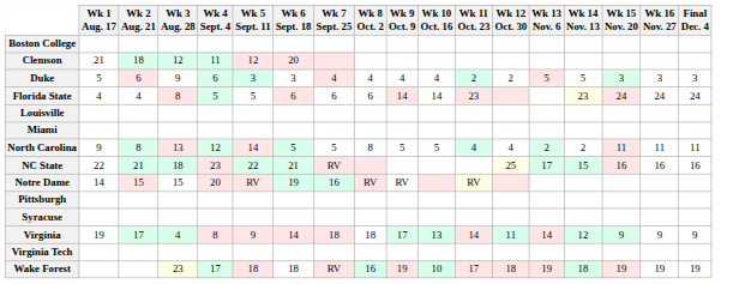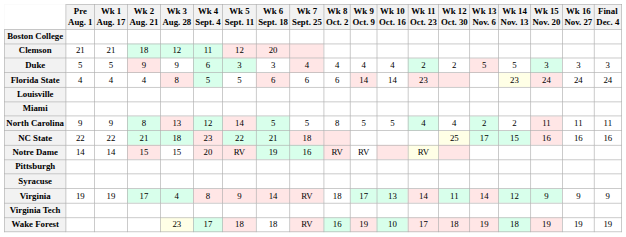 <table class="wikitable" style="white-space:nowrap;font-size:90%;">
 <tr>
 <th colspan=1 style="background:white; border-top-style:hidden; border-left-style:hidden;"> </th>
+<th>Pre <br> Aug. 1</th>
 <th>Wk 1 <br> Aug. 17</th>
 <th>Wk 2 <br> Aug. 21</th>
 <th>Wk 3 <br> Aug. 28</th>
 <th>Wk 4 <br> Sept. 4</th>
 <th>Wk 5 <br> Sept. 11</th>
 <th>Wk 6 <br> Sept. 18</th>
 <th>Wk 7 <br> Sept. 25</th>
 <th>Wk 8 <br> Oct. 2</th>
 <th>Wk 9 <br> Oct. 9</th>
 <th>Wk 10 <br> Oct. 16</th>
 <th>Wk 11 <br> Oct. 23</th>
 <th>Wk 12 <br> Oct. 30</th>
 <th>Wk 13 <br> Nov. 6</th>
 <th>Wk 14 <br> Nov. 13</th>
 <th>Wk 15 <br> Nov. 20</th>
 <th>Wk 16 <br> Nov. 27</th>
 <th>Final <br> Dec. 4</th>
 </tr>
 <tr style="text-align:center;">
 <th>Boston College</th>
 <td style="background:#FFF;"></td>
 <td style="background:#FFF;"></td>
 <td style="background:#FFF;"></td>
 <td style="background:#FFF;"></td>
 <td style="background:#FFF;"></td>
 <td style="background:#FFF;"></td>
 <td style="background:#FFF;"></td>
 <td style="background:#FFF;"></td>
 <td style="background:#FFF;"></td>
 <td style="background:#FFF;"></td>
 <td style="background:#FFF;"></td>
 <td style="background:#FFF;"></td>
 <td style="background:#FFF;"></td>
 <td style="background:#FFF;"></td>
 <td style="background:#FFF;"></td>
 <td style="background:#FFF;"></td>
 <td style="background:#FFF;"></td>
+<td style="background:#FFF;"></td>
 </tr>
 <tr style="text-align:center;">
 <th>Clemson</th>
+<td style="background:#FFF;"> 21</td>
 <td style="background:#FFF;"> 21</td>
 <td style="background:#D8FFEB;"> 18</td>
 <td style="background:#D8FFEB;"> 12</td>
 <td style="background:#D8FFEB;"> 11</td>
 <td style="background:#FFE6E6;"> 12</td>
 <td style="background:#FFE6E6;"> 20</td>
 <td style="background:#FFE6E6;"></td>
 <td style="background:#FFF;"></td>
 <td style="background:#FFF;"></td>
 <td style="background:#FFF;"></td>
 <td style="background:#FFF;"></td>
 <td style="background:#FFF;"></td>
 <td style="background:#FFF;"></td>
 <td style="background:#FFF;"></td>
 <td style="background:#FFF;"></td>
 <td style="background:#FFF;"></td>
 <td style="background:#FFF;"></td>
 </tr>
 <tr style="text-align:center;">
 <th>Duke</th>
 <td style="background:#FFF;"> 5</td>
-<td style="background:#FFE6E6;"> 6</td>
+<td style="background:#FFF;"> 5</td>
+<td style="background:#FFE6E6;"> 9</td>
 <td style="background:#FFF;"> 9</td>
 <td style="background:#D8FFEB;"> 6</td>
 <td style="background:#D8FFEB;"> 3</td>
 <td style="background:#FFF;"> 3</td>
 <td style="background:#FFE6E6;"> 4</td>
 <td style="background:#FFF;"> 4</td>
 <td style="background:#FFF;"> 4</td>
 <td style="background:#FFF;"> 4</td>
 <td style="background:#D8FFEB;"> 2</td>
 <td style="background:#FFF;"> 2</td>
 <td style="background:#FFE6E6;"> 5</td>
 <td style="background:#FFF;"> 5</td>
 <td style="background:#D8FFEB;"> 3</td>
 <td style="background:#FFF;"> 3</td>
 <td style="background:#FFF;"> 3</td>
 </tr>
 <tr style="text-align:center;">
 <th !>Florida State</th>
+<td style="background:#FFF;"> 4</td>
 <td style="background:#FFF;"> 4</td>
 <td style="background:#FFF;"> 4</td>
 <td style="background:#FFE6E6;"> 8</td>
 <td style="background:#D8FFEB;"> 5</td>
 <td style="background:#FFF;"> 5</td>
 <td style="background:#FFE6E6;"> 6</td>
 <td style="background:#FFF;"> 6</td>
 <td style="background:#FFF;"> 6</td>
 <td style="background:#FFE6E6;"> 14</td>
 <td style="background:#FFF;"> 14</td>
 <td style="background:#FFE6E6;"> 23</td>
 <td style="background:#FFE6E6;"></td>
 <td style="background:#FFF;"></td>
 <td style="background:#FFFFE6;"> 23</td>
 <td style="background:#FFE6E6;"> 24</td>
 <td style="background:#FFF;"> 24</td>
 <td style="background:#FFF;"> 24</td>
 </tr>
 <tr style="text-align:center;">
 <th>Louisville</th>
 <td style="background:#FFF;"></td>
 <td style="background:#FFF;"></td>
 <td style="background:#FFF;"></td>
 <td style="background:#FFF;"></td>
 <td style="background:#FFF;"></td>
 <td style="background:#FFF;"></td>
 <td style="background:#FFF;"></td>
 <td style="background:#FFF;"></td>
 <td style="background:#FFF;"></td>
 <td style="background:#FFF;"></td>
 <td style="background:#FFF;"></td>
 <td style="background:#FFF;"></td>
 <td style="background:#FFF;"></td>
 <td style="background:#FFF;"></td>
 <td style="background:#FFF;"></td>
 <td style="background:#FFF;"></td>
 <td style="background:#FFF;"></td>
+<td style="background:#FFF;"></td>
 </tr>
 <tr style="text-align:center;">
 <th>Miami</th>
+<td style="background:#FFF;"></td>
 <td style="background:#FFF;"></td>
 <td style="background:#FFF;"></td>
 <td style="background:#FFF;"></td>
 <td style="background:#FFF;"></td>
 <td style="background:#FFF;"></td>
 <td style="background:#FFF;"></td>
 <td style="background:#FFF;"></td>
 <td style="background:#FFF;"></td>
 <td style="background:#FFF;"></td>
 <td style="background:#FFF;"></td>
 <td style="background:#FFF;"></td>
 <td style="background:#FFF;"></td>
 <td style="background:#FFF;"></td>
 <td style="background:#FFF;"></td>
 <td style="background:#FFF;"></td>
 <td style="background:#FFF;"></td>
 <td style="background:#FFF;"></td>
 </tr>
 <tr style="text-align:center;">
 <th>North Carolina</th>
 <td style="background:#FFF;"> 9</td>
+<td style="background:#FFF;"> 9</td>
 <td style="background:#D8FFEB;"> 8</td>
 <td style="background:#FFE6E6;"> 13</td>
 <td style="background:#D8FFEB;"> 12</td>
 <td style="background:#FFE6E6;"> 14</td>
 <td style="background:#D8FFEB;"> 5</td>
 <td style="background:#FFF;"> 5</td>
 <td style="background:#FFF;"> 8</td>
 <td style="background:#FFF;"> 5</td>
 <td style="background:#FFF;"> 5</td>
 <td style="background:#D8FFEB;"> 4</td>
 <td style="background:#FFF;"> 4</td>
 <td style="background:#D8FFEB;"> 2</td>
 <td style="background:#FFF;"> 2</td>
 <td style="background:#FFE6E6;"> 11</td>
 <td style="background:#FFF;"> 11</td>
 <td style="background:#FFF;"> 11</td>
 </tr>
 <tr style="text-align:center;">
 <th>NC State</th>
 <td style="background:#FFF;"> 22</td>
+<td style="background:#FFF;"> 22</td>
 <td style="background:#D8FFEB;"> 21</td>
 <td style="background:#D8FFEB;"> 18</td>
 <td style="background:#FFE6E6;"> 23</td>
 <td style="background:#D8FFEB;"> 22</td>
 <td style="background:#D8FFEB;"> 21</td>
-<td style="background:#FFE6E6;"> RV</td>
+<td style="background:#FFE6E6;"> 18</td>
 <td style="background:#FFE6E6;"></td>
 <td style="background:#FFF;"></td>
 <td style="background:#FFF;"></td>
 <td style="background:#FFF;"></td>
 <td style="background:#FFFFE6;"> 25</td>
 <td style="background:#D8FFEB;"> 17</td>
 <td style="background:#D8FFEB;"> 15</td>
 <td style="background:#FFE6E6;"> 16</td>
 <td style="background:#FFF;"> 16</td>
 <td style="background:#FFF;"> 16</td>
 </tr>
 <tr style="text-align:center;">
 <th>Notre Dame</th>
+<td style="background:#FFF;"> 14</td>
 <td style="background:#FFF;"> 14</td>
 <td style="background:#FFE6E6;"> 15</td>
 <td style="background:#FFF;"> 15</td>
 <td style="background:#FFE6E6;"> 20</td>
 <td style="background:#FFE6E6;"> RV</td>
 <td style="background:#D8FFEB;"> 19</td>
 <td style="background:#D8FFEB;"> 16</td>
 <td style="background:#FFE6E6;"> RV</td>
 <td style="background:#FFF;"> RV</td>
 <td style="background:#FFE6E6;"></td>
 <td style="background:#FFFFE6;"> RV</td>
 <td style="background:#FFE6E6;"></td>
 <td style="background:#FFF;"></td>
 <td style="background:#FFF;"></td>
 <td style="background:#FFF;"></td>
 <td style="background:#FFF;"></td>
 <td style="background:#FFF;"></td>
 </tr>
 <tr style="text-align:center;">
 <th>Pittsburgh</th>
 <td style="background:#FFF;"></td>
 <td style="background:#FFF;"></td>
 <td style="background:#FFF;"></td>
 <td style="background:#FFF;"></td>
 <td style="background:#FFF;"></td>
 <td style="background:#FFF;"></td>
 <td style="background:#FFF;"></td>
 <td style="background:#FFF;"></td>
 <td style="background:#FFF;"></td>
 <td style="background:#FFF;"></td>
 <td style="background:#FFF;"></td>
 <td style="background:#FFF;"></td>
 <td style="background:#FFF;"></td>
 <td style="background:#FFF;"></td>
 <td style="background:#FFF;"></td>
 <td style="background:#FFF;"></td>
 <td style="background:#FFF;"></td>
+<td style="background:#FFF;"></td>
 </tr>
 <tr style="text-align:center;">
 <th>Syracuse</th>
+<td style="background:#FFF;"></td>
 <td style="background:#FFF;"></td>
 <td style="background:#FFF;"></td>
 <td style="background:#FFF;"></td>
 <td style="background:#FFF;"></td>
 <td style="background:#FFF;"></td>
 <td style="background:#FFF;"></td>
 <td style="background:#FFF;"></td>
 <td style="background:#FFF;"></td>
 <td style="background:#FFF;"></td>
 <td style="background:#FFF;"></td>
 <td style="background:#FFF;"></td>
 <td style="background:#FFF;"></td>
 <td style="background:#FFF;"></td>
 <td style="background:#FFF;"></td>
 <td style="background:#FFF;"></td>
 <td style="background:#FFF;"></td>
 <td style="background:#FFF;"></td>
 </tr>
 <tr style="text-align:center;">
 <th>Virginia</th>
 <td style="background:#FFF;"> 19</td>
+<td style="background:#FFF;"> 19</td>
 <td style="background:#D8FFEB;"> 17</td>
 <td style="background:#D8FFEB;"> 4</td>
 <td style="background:#FFE6E6;"> 8</td>
 <td style="background:#FFE6E6;"> 9</td>
 <td style="background:#FFE6E6;"> 14</td>
-<td style="background:#FFE6E6;"> 18</td>
+<td style="background:#FFE6E6;"> RV</td>
 <td style="background:#FFF;"> 18</td>
 <td style="background:#D8FFEB;"> 17</td>
 <td style="background:#D8FFEB;"> 13</td>
 <td style="background:#FFE6E6;"> 14</td>
 <td style="background:#D8FFEB;"> 11</td>
 <td style="background:#FFE6E6;"> 14</td>
 <td style="background:#D8FFEB;"> 12</td>
 <td style="background:#D8FFEB;"> 9</td>
 <td style="background:#FFF;"> 9</td>
 <td style="background:#FFF;"> 9</td>
 </tr>
 <tr style="text-align:center;">
 <th>Virginia Tech</th>
 <td style="background:#FFF;"></td>
 <td style="background:#FFF;"></td>
 <td style="background:#FFF;"></td>
 <td style="background:#FFF;"></td>
 <td style="background:#FFF;"></td>
 <td style="background:#FFF;"></td>
 <td style="background:#FFF;"></td>
 <td style="background:#FFF;"></td>
 <td style="background:#FFF;"></td>
 <td style="background:#FFF;"></td>
 <td style="background:#FFF;"></td>
 <td style="background:#FFF;"></td>
 <td style="background:#FFF;"></td>
 <td style="background:#FFF;"></td>
 <td style="background:#FFF;"></td>
 <td style="background:#FFF;"></td>
 <td style="background:#FFF;"></td>
+<td style="background:#FFF;"></td>
 </tr>
 <tr style="text-align:center;">
 <th>Wake Forest</th>
+<td style="background:#FFF;"></td>
 <td style="background:#FFF;"></td>
 <td style="background:#FFF;"></td>
 <td style="background:#FFFFE6;"> 23</td>
 <td style="background:#D8FFEB;"> 17</td>
 <td style="background:#FFE6E6;"> 18</td>
 <td style="background:#FFF;"> 18</td>
 <td style="background:#FFE6E6;"> RV</td>
 <td style="background:#D8FFEB;"> 16</td>
 <td style="background:#FFE6E6;"> 19</td>
 <td style="background:#D8FFEB;"> 10</td>
 <td style="background:#FFE6E6;"> 17</td>
 <td style="background:#FFE6E6;"> 18</td>
 <td style="background:#FFE6E6;"> 19</td>
 <td style="background:#D8FFEB;"> 18</td>
 <td style="background:#FFE6E6;"> 19</td>
 <td style="background:#FFF;"> 19</td>
 <td style="background:#FFF;"> 19</td>
 </tr>
 </table>
